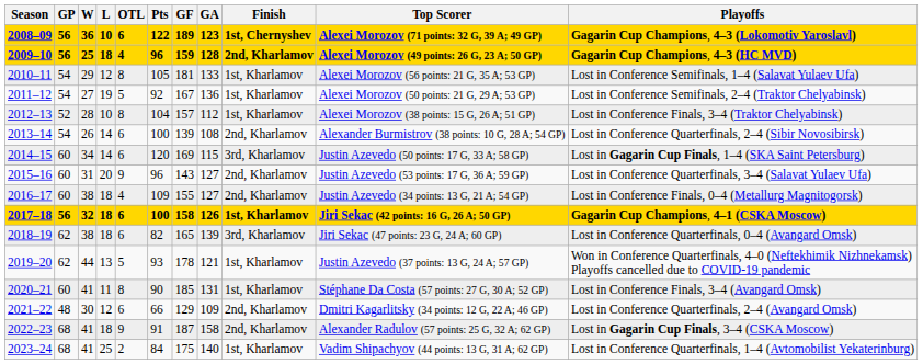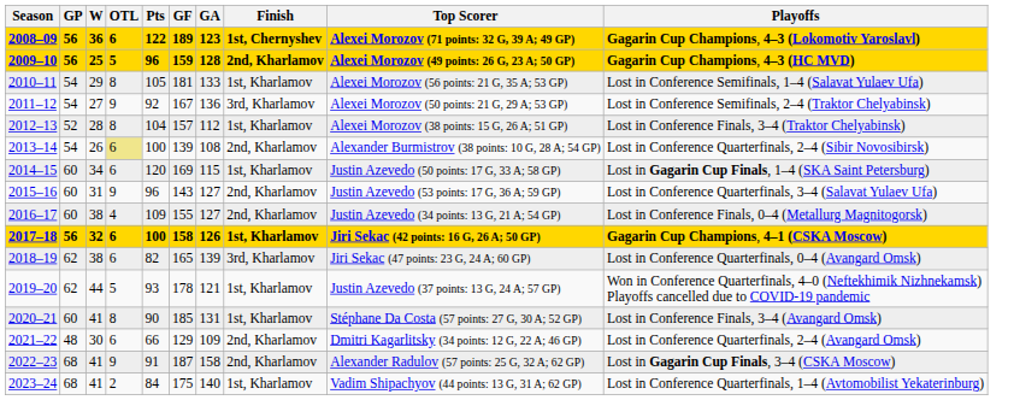 <table class="wikitable">
 <tr>
 <th>Season</th>
 <th>GP</th>
 <th>W</th>
-<th>L</th>
 <th>OTL</th>
 <th>Pts</th>
 <th>GF</th>
 <th>GA</th>
 <th>Finish</th>
 <th>Top Scorer</th>
 <th>Playoffs</th>
 </tr>
 <tr style="background:gold;">
 <td><strong><a href='#'>2008–09</a></strong></td>
 <td><strong>56</strong></td>
 <td><strong>36</strong></td>
-<td><strong>10</strong></td>
 <td><strong>6</strong></td>
 <td><strong>122</strong></td>
 <td><strong>189</strong></td>
 <td><strong>123</strong></td>
 <td><strong>1st, Chernyshev</strong></td>
 <td><strong><a href='#'>Alexei Morozov</a></strong> <small><strong>(71 points: 32 G, 39 A; 49 GP)</strong></small></td>
 <td><strong>Gagarin Cup Champions</strong>, <strong>4–3</strong> <strong>(<a href='#'>Lokomotiv Yaroslavl</a>)</strong></td>
 </tr>
 <tr style="background:gold;">
 <td><strong><a href='#'>2009–10</a></strong></td>
 <td><strong>56</strong></td>
 <td><strong>25</strong></td>
-<td><strong>18</strong></td>
-<td><strong>4</strong></td>
+<td><strong>5</strong></td>
 <td><strong>96</strong></td>
 <td><strong>159</strong></td>
 <td><strong>128</strong></td>
 <td><strong>2nd, Kharlamov</strong></td>
 <td><strong><a href='#'>Alexei Morozov</a></strong> <small><strong>(49 points: 26 G, 23 A; 50 GP)</strong></small></td>
 <td><strong>Gagarin Cup Champions</strong>, <strong>4–3</strong> <strong>(<a href='#'>HC MVD</a>)</strong></td>
 </tr>
 <tr style="background:#eee;">
 <td><a href='#'>2010–11</a></td>
 <td>54</td>
 <td>29</td>
-<td>12</td>
 <td>8</td>
 <td>105</td>
 <td>181</td>
 <td>133</td>
 <td>1st, Kharlamov</td>
 <td><a href='#'>Alexei Morozov</a> <small>(56 points: 21 G, 35 A; 53 GP)</small></td>
 <td>Lost in Conference Semifinals, 1–4 (<a href='#'>Salavat Yulaev Ufa</a>)</td>
 </tr>
 <tr>
 <td><a href='#'>2011–12</a></td>
 <td>54</td>
 <td>27</td>
-<td>19</td>
-<td>5</td>
+<td>9</td>
 <td>92</td>
 <td>167</td>
 <td>136</td>
-<td>1st, Kharlamov</td>
+<td>3rd, Kharlamov</td>
 <td><a href='#'>Alexei Morozov</a> <small>(50 points: 21 G, 29 A; 53 GP)</small></td>
 <td>Lost in Conference Semifinals, 2–4 (<a href='#'>Traktor Chelyabinsk</a>)</td>
 </tr>
 <tr style="background:#eee;">
 <td><a href='#'>2012–13</a></td>
 <td>52</td>
 <td>28</td>
-<td>10</td>
 <td>8</td>
 <td>104</td>
 <td>157</td>
 <td>112</td>
 <td>1st, Kharlamov</td>
 <td><a href='#'>Alexei Morozov</a> <small>(38 points: 15 G, 26 A; 51 GP)</small></td>
 <td>Lost in Conference Finals, 3–4 (<a href='#'>Traktor Chelyabinsk</a>)</td>
 </tr>
 <tr>
 <td><a href='#'>2013–14</a></td>
 <td>54</td>
 <td>26</td>
-<td>14</td>
-<td>6</td>
+<td style="background: khaki;">6</td>
 <td>100</td>
 <td>139</td>
 <td>108</td>
 <td>2nd, Kharlamov</td>
 <td><a href='#'>Alexander Burmistrov</a> <small>(38 points: 10 G, 28 A; 54 GP)</small></td>
 <td>Lost in Conference Quarterfinals, 2–4 (<a href='#'>Sibir Novosibirsk</a>)</td>
 </tr>
 <tr style="background:#eee;">
 <td><a href='#'>2014–15</a></td>
 <td>60</td>
 <td>34</td>
-<td>14</td>
 <td>6</td>
 <td>120</td>
 <td>169</td>
 <td>115</td>
-<td>3rd, Kharlamov</td>
+<td>1st, Kharlamov</td>
 <td><a href='#'>Justin Azevedo</a> <small>(50 points: 17 G, 33 A; 58 GP)</small></td>
 <td>Lost in <strong>Gagarin Cup Finals</strong>, 1–4 (<a href='#'>SKA Saint Petersburg</a>)</td>
 </tr>
 <tr>
 <td><a href='#'>2015–16</a></td>
 <td>60</td>
 <td>31</td>
-<td>20</td>
 <td>9</td>
 <td>96</td>
 <td>143</td>
 <td>127</td>
 <td>2nd, Kharlamov</td>
 <td><a href='#'>Justin Azevedo</a> <small>(53 points: 17 G, 36 A; 59 GP)</small></td>
 <td>Lost in Conference Quarterfinals, 3–4 (<a href='#'>Salavat Yulaev Ufa</a>)</td>
 </tr>
 <tr style="background:#eee;">
 <td><a href='#'>2016–17</a></td>
 <td>60</td>
 <td>38</td>
-<td>18</td>
 <td>4</td>
 <td>109</td>
 <td>155</td>
 <td>127</td>
 <td>2nd, Kharlamov</td>
 <td><a href='#'>Justin Azevedo</a> <small>(34 points: 13 G, 21 A; 54 GP)</small></td>
 <td>Lost in Conference Finals, 0–4 (<a href='#'>Metallurg Magnitogorsk</a>)</td>
 </tr>
 <tr style="background:gold;">
 <td><strong><a href='#'>2017–18</a></strong></td>
 <td><strong>56</strong></td>
 <td><strong>32</strong></td>
-<td><strong>18</strong></td>
 <td><strong>6</strong></td>
 <td><strong>100</strong></td>
 <td><strong>158</strong></td>
 <td><strong>126</strong></td>
 <td><strong>1st, Kharlamov</strong></td>
 <td><strong><a href='#'>Jiri Sekac</a></strong> <small><strong>(42 points: 16 G, 26 A; 50 GP)</strong></small></td>
 <td><strong>Gagarin Cup Champions</strong>, <strong>4–1</strong> <strong>(<a href='#'>CSKA Moscow</a>)</strong></td>
 </tr>
 <tr style="background:#eee;">
 <td><a href='#'>2018–19</a></td>
 <td>62</td>
 <td>38</td>
-<td>18</td>
 <td>6</td>
 <td>82</td>
 <td>165</td>
 <td>139</td>
 <td>3rd, Kharlamov</td>
 <td><a href='#'>Jiri Sekac</a> <small>(47 points: 23 G, 24 A; 60 GP)</small></td>
 <td>Lost in Conference Quarterfinals, 0–4 (<a href='#'>Avangard Omsk</a>)</td>
 </tr>
 <tr>
 <td><a href='#'>2019–20</a></td>
 <td>62</td>
 <td>44</td>
-<td>13</td>
 <td>5</td>
 <td>93</td>
 <td>178</td>
 <td>121</td>
 <td>1st, Kharlamov</td>
 <td><a href='#'>Justin Azevedo</a> <small>(37 points: 13 G, 24 A; 57 GP)</small></td>
 <td>Won in Conference Quarterfinals, 4–0 (<a href='#'>Neftekhimik Nizhnekamsk</a>)<br>Playoffs cancelled due to <a href='#'>COVID-19 pandemic</a></td>
 </tr>
 <tr style="background:#eee;">
 <td><a href='#'>2020–21</a></td>
 <td>60</td>
 <td>41</td>
-<td>11</td>
 <td>8</td>
 <td>90</td>
 <td>185</td>
 <td>131</td>
 <td>1st, Kharlamov</td>
 <td><a href='#'>Stéphane Da Costa</a> <small>(57 points: 27 G, 30 A; 52 GP)</small></td>
 <td>Lost in Conference Finals, 3–4 (<a href='#'>Avangard Omsk</a>)</td>
 </tr>
 <tr>
 <td><a href='#'>2021–22</a></td>
 <td>48</td>
 <td>30</td>
-<td>12</td>
 <td>6</td>
 <td>66</td>
 <td>129</td>
 <td>109</td>
 <td>2nd, Kharlamov</td>
 <td><a href='#'>Dmitri Kagarlitsky</a> <small>(34 points: 12 G, 22 A; 46 GP)</small></td>
 <td>Lost in Conference Quarterfinals, 2–4 (<a href='#'>Avangard Omsk</a>)</td>
 </tr>
 <tr style="background:#eee;">
 <td><a href='#'>2022–23</a></td>
 <td>68</td>
 <td>41</td>
-<td>18</td>
 <td>9</td>
 <td>91</td>
 <td>187</td>
 <td>158</td>
 <td>2nd, Kharlamov</td>
 <td><a href='#'>Alexander Radulov</a> <small>(57 points: 25 G, 32 A; 62 GP)</small></td>
 <td>Lost in <strong>Gagarin Cup Finals</strong>, 3–4 (<a href='#'>CSKA Moscow</a>)</td>
 </tr>
 <tr>
 <td><a href='#'>2023–24</a></td>
 <td>68</td>
 <td>41</td>
-<td>25</td>
 <td>2</td>
 <td>84</td>
 <td>175</td>
 <td>140</td>
 <td>1st, Kharlamov</td>
 <td><a href='#'>Vadim Shipachyov</a> <small>(44 points: 13 G, 31 A; 62 GP)</small></td>
 <td>Lost in Conference Quarterfinals, 1–4 (<a href='#'>Avtomobilist Yekaterinburg</a>)</td>
 </tr>
 </table>
